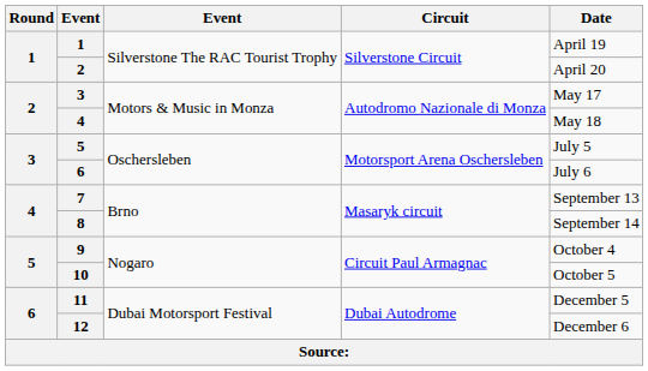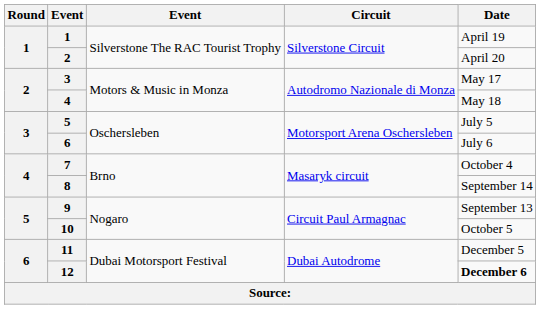 <table class="wikitable" style="font-size: 90%;">
 <tr valign="top">
 <th>Round</th>
 <th>Event</th>
 <th>Event</th>
 <th>Circuit</th>
 <th>Date</th>
 </tr>
 <tr>
 <th rowspan="2">1</th>
 <th>1</th>
 <td rowspan="2"> Silverstone The RAC Tourist Trophy</td>
 <td rowspan=2><a href='#'>Silverstone Circuit</a></td>
 <td>April 19</td>
 </tr>
 <tr>
 <th>2</th>
 <td>April 20</td>
 </tr>
 <tr>
 <th rowspan="2">2</th>
 <th>3</th>
 <td rowspan="2"> Motors & Music in Monza</td>
 <td rowspan=2><a href='#'>Autodromo Nazionale di Monza</a></td>
 <td>May 17</td>
 </tr>
 <tr>
 <th>4</th>
 <td>May 18</td>
 </tr>
 <tr>
 <th rowspan="2">3</th>
 <th>5</th>
 <td rowspan="2"> Oschersleben</td>
 <td rowspan=2><a href='#'>Motorsport Arena Oschersleben</a></td>
 <td>July 5</td>
 </tr>
 <tr>
 <th>6</th>
 <td>July 6</td>
 </tr>
 <tr>
 <th rowspan="2">4</th>
 <th>7</th>
 <td rowspan="2"> Brno</td>
 <td rowspan=2><a href='#'>Masaryk circuit</a></td>
-<td>September 13</td>
+<td>October 4</td>
 </tr>
 <tr>
 <th>8</th>
 <td>September 14</td>
 </tr>
 <tr>
 <th rowspan="2">5</th>
 <th>9</th>
 <td rowspan="2"> Nogaro</td>
 <td rowspan="2"><a href='#'>Circuit Paul Armagnac</a></td>
-<td>October 4</td>
+<td>September 13</td>
 </tr>
 <tr>
 <th>10</th>
 <td>October 5</td>
 </tr>
 <tr>
 <th rowspan="2">6</th>
 <th>11</th>
 <td rowspan="2"> Dubai Motorsport Festival</td>
 <td rowspan="2"><a href='#'>Dubai Autodrome</a></td>
 <td>December 5</td>
 </tr>
 <tr>
 <th>12</th>
-<td>December 6</td>
+<td><strong>December 6</strong></td>
 </tr>
 <tr>
 <th colspan="5">Source:</th>
 </tr>
 </table>
